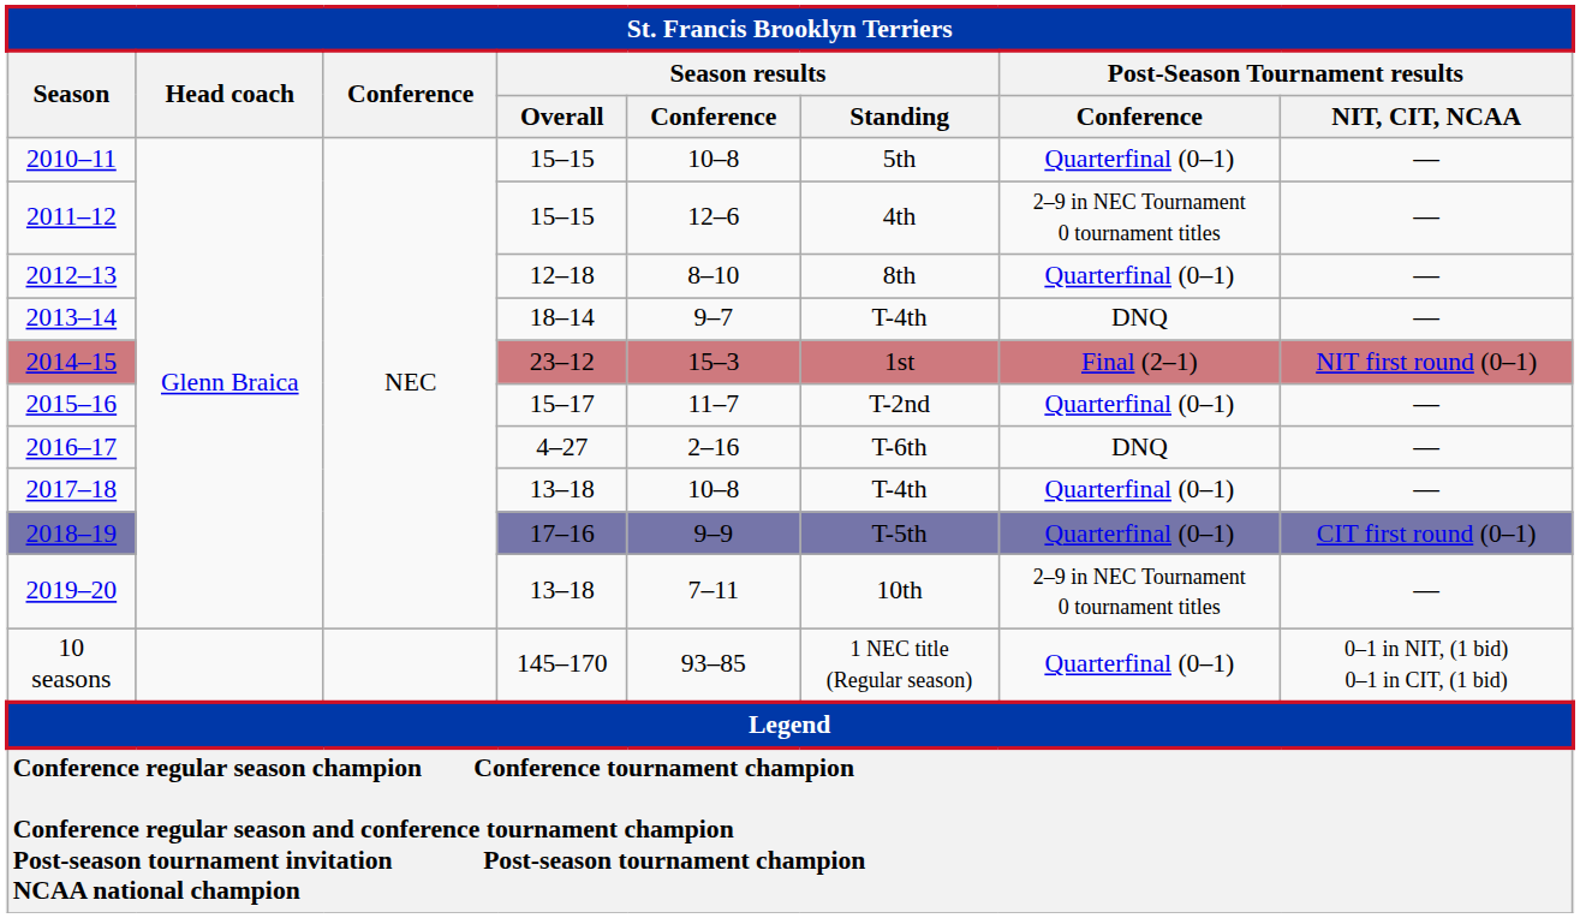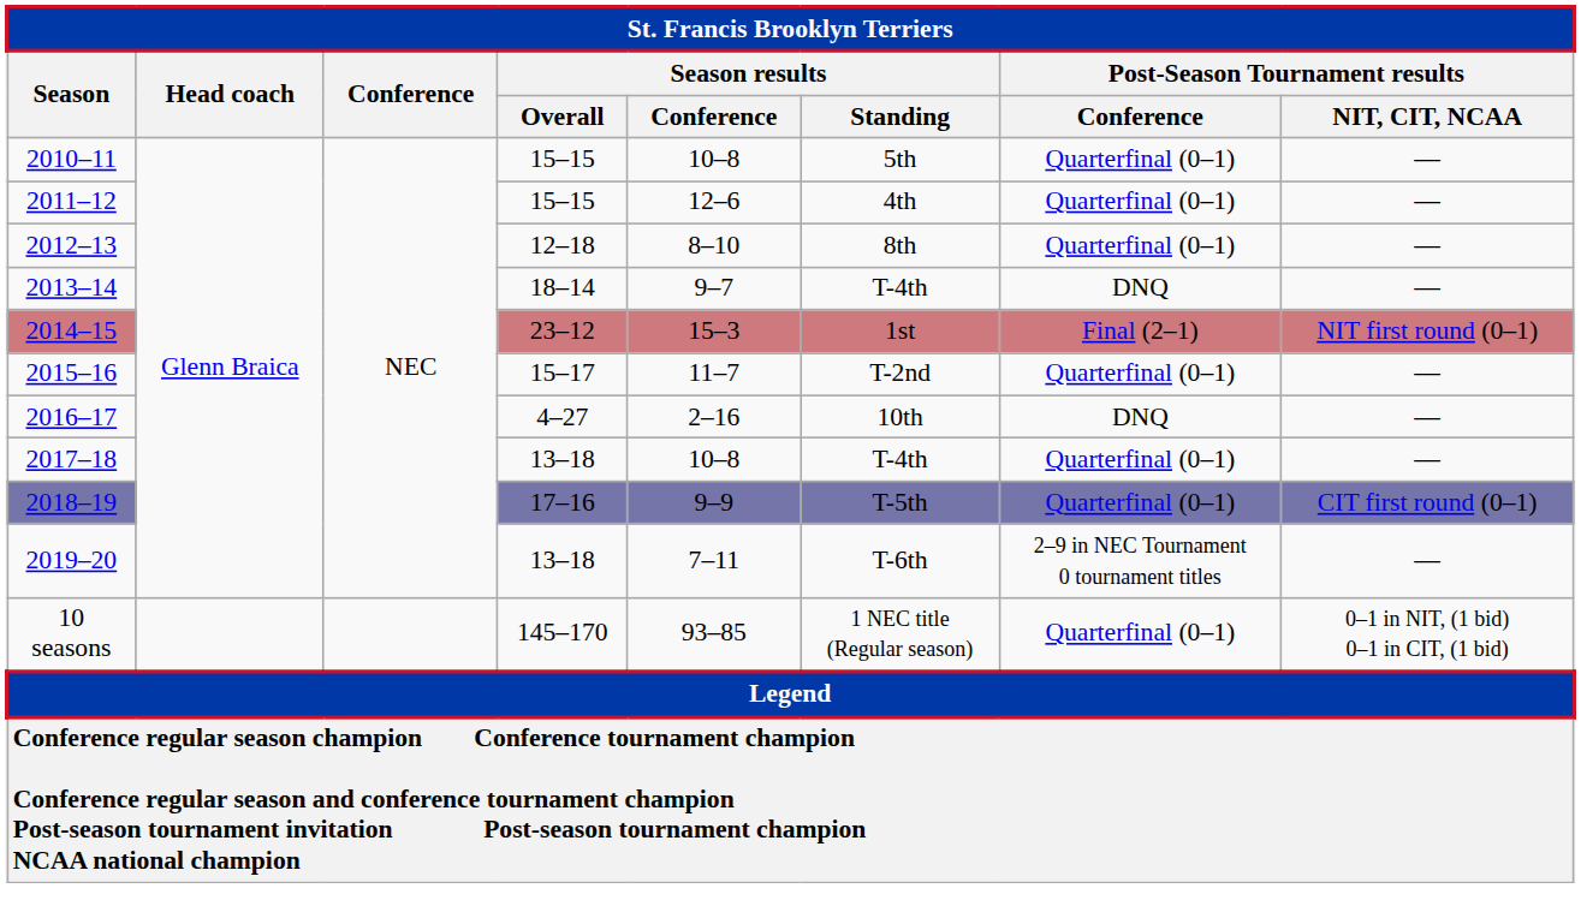 <table class="wikitable" style="font-size: 85%; width:65%; text-align:center;">
 <tr>
 <td colspan=8 style="background:#0038A8; border: 2px solid #CE1126;;color:#FFFFFF;"><strong>St. Francis Brooklyn Terriers</strong></td>
 </tr>
 <tr>
 <th rowspan="2">Season</th>
 <th rowspan="2">Head coach</th>
 <th rowspan="2">Conference</th>
 <th colspan="3">Season results</th>
 <th colspan="2">Post-Season Tournament results</th>
 </tr>
 <tr>
 <th rowspan="1">Overall</th>
 <th rowspan="1">Conference</th>
 <th rowspan="1">Standing</th>
 <th rowspan="1">Conference</th>
 <th rowspan="1">NIT, CIT, NCAA</th>
 </tr>
 <tr>
 <td><a href='#'>2010–11</a></td>
 <td rowspan=10><a href='#'>Glenn Braica</a></td>
 <td rowspan=10>NEC</td>
 <td>15–15</td>
 <td>10–8</td>
 <td>5th</td>
 <td><a href='#'>Quarterfinal</a> (0–1)</td>
 <td>—</td>
 </tr>
 <tr>
 <td><a href='#'>2011–12</a></td>
 <td>15–15</td>
 <td>12–6</td>
 <td>4th</td>
-<td><small> 2–9 in NEC Tournament<br>0 tournament titles</small></td>
+<td><a href='#'>Quarterfinal</a> (0–1)</td>
 <td>—</td>
 </tr>
 <tr>
 <td><a href='#'>2012–13</a></td>
 <td>12–18</td>
 <td>8–10</td>
 <td>8th</td>
 <td><a href='#'>Quarterfinal</a> (0–1)</td>
 <td>—</td>
 </tr>
 <tr>
 <td><a href='#'>2013–14</a></td>
 <td>18–14</td>
 <td>9–7</td>
 <td>T-4th</td>
 <td>DNQ</td>
 <td>—</td>
 </tr>
 <tr>
 <td style="background: #ce797e;"><a href='#'><span>2014–15</span></a></td>
 <td style="background: #ce797e;"><span>23–12</span></td>
 <td style="background: #ce797e;"><span>15–3</span></td>
 <td style="background: #ce797e;"><span>1st</span></td>
 <td style="background: #ce797e;"><a href='#'><span>Final</span></a> <span>(2–1)</span></td>
 <td style="background: #ce797e;"><a href='#'><span>NIT first round</span></a> <span>(0–1)</span></td>
 </tr>
 <tr>
 <td><a href='#'>2015–16</a></td>
 <td>15–17</td>
 <td>11–7</td>
 <td>T-2nd</td>
 <td><a href='#'>Quarterfinal</a> (0–1)</td>
 <td>—</td>
 </tr>
 <tr>
 <td><a href='#'>2016–17</a></td>
 <td>4–27</td>
 <td>2–16</td>
-<td>T-6th</td>
+<td>10th</td>
 <td>DNQ</td>
 <td>—</td>
 </tr>
 <tr>
 <td><a href='#'>2017–18</a></td>
 <td>13–18</td>
 <td>10–8</td>
 <td>T-4th</td>
 <td><a href='#'>Quarterfinal</a> (0–1)</td>
 <td>—</td>
 </tr>
 <tr>
 <td style="background: #7575a9;"><a href='#'><span>2018–19</span></a></td>
 <td style="background: #7575a9;"><span>17–16</span></td>
 <td style="background: #7575a9;"><span>9–9</span></td>
 <td style="background: #7575a9;"><span>T-5th</span></td>
 <td style="background: #7575a9;"><a href='#'><span>Quarterfinal</span></a> <span>(0–1)</span></td>
 <td style="background: #7575a9;"><a href='#'><span>CIT first round</span></a> <span>(0–1)</span></td>
 </tr>
 <tr>
 <td><a href='#'>2019–20</a></td>
 <td>13–18</td>
 <td>7–11</td>
-<td>10th</td>
+<td>T-6th</td>
 <td><small> 2–9 in NEC Tournament<br>0 tournament titles</small></td>
 <td>—</td>
 </tr>
 <tr>
 <td>10<br>seasons</td>
 <td> </td>
 <td> </td>
 <td>145–170</td>
 <td>93–85</td>
 <td><small> 1 NEC title<br>(Regular season)</small></td>
 <td><a href='#'>Quarterfinal</a> (0–1)</td>
 <td><small> 0–1 in NIT, (1 bid) <br> 0–1 in CIT, (1 bid)</small></td>
 </tr>
 <tr>
 <th colspan=8 style="background:#0038A8; border: 2px solid #CE1126;;color:#FFFFFF;"><strong>Legend</strong></th>
 </tr>
 <tr>
 <th colspan=8 style="text-align:left;"> Conference regular season champion         Conference tournament champion<br><br> Conference regular season and conference tournament champion<br>  Post-season tournament invitation              Post-season tournament champion<br>   NCAA national champion</th>
 </tr>
 </table>
